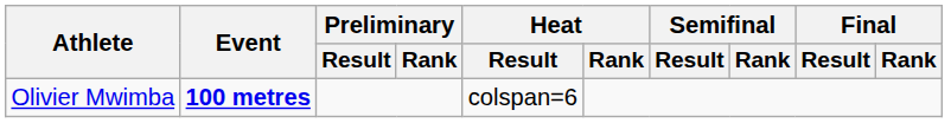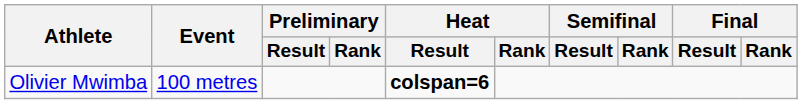 <table class="wikitable" style="font-size:90%">
 <tr>
 <th rowspan="2">Athlete</th>
 <th rowspan="2">Event</th>
 <th colspan="2">Preliminary</th>
 <th colspan="2">Heat</th>
 <th colspan="2">Semifinal</th>
 <th colspan="2">Final</th>
 </tr>
 <tr style="font-size:95%">
 <th>Result</th>
 <th>Rank</th>
 <th>Result</th>
 <th>Rank</th>
 <th>Result</th>
 <th>Rank</th>
 <th>Result</th>
 <th>Rank</th>
 </tr>
 <tr align=center>
 <td align=left><a href='#'>Olivier Mwimba</a></td>
-<td align=left><strong><a href='#'>100 metres</a></strong></td>
+<td align=left><a href='#'>100 metres</a></td>
 <td colspan=2></td>
-<td>colspan=6 </td>
+<td><strong>colspan=6 </strong></td>
 </tr>
 </table>
